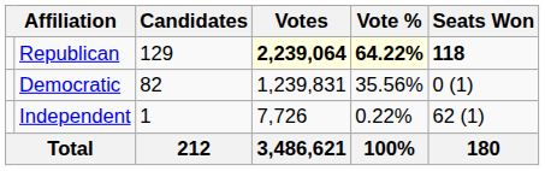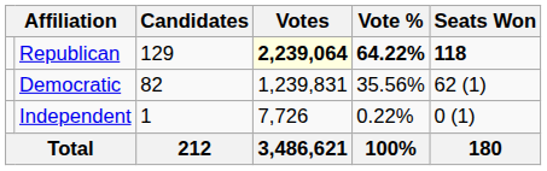 <table class="wikitable">
 <tr>
 <th colspan="2">Affiliation</th>
 <th>Candidates</th>
 <th>Votes</th>
 <th>Vote %</th>
 <th>Seats Won</th>
 </tr>
 <tr>
 <td style="background-color:"></td>
 <td><a href='#'>Republican</a></td>
 <td>129</td>
 <td style="background: lightyellow;"><strong>2,239,064</strong></td>
-<td style="background: lightyellow;"><strong>64.22%</strong></td>
+<td><strong>64.22%</strong></td>
 <td><strong>118</strong></td>
 </tr>
 <tr>
 <td style="background-color:"></td>
 <td><a href='#'>Democratic</a></td>
 <td>82</td>
 <td>1,239,831</td>
 <td>35.56%</td>
-<td>0 (1)</td>
+<td>62 (1)</td>
 </tr>
 <tr>
 <td style="background-color:"></td>
 <td><a href='#'>Independent</a></td>
 <td>1</td>
 <td>7,726</td>
 <td>0.22%</td>
-<td>62 (1)</td>
+<td>0 (1)</td>
 </tr>
 <tr>
 <th colspan="2">Total</th>
 <th>212</th>
 <th>3,486,621</th>
 <th>100%</th>
 <th>180</th>
 </tr>
 </table>
